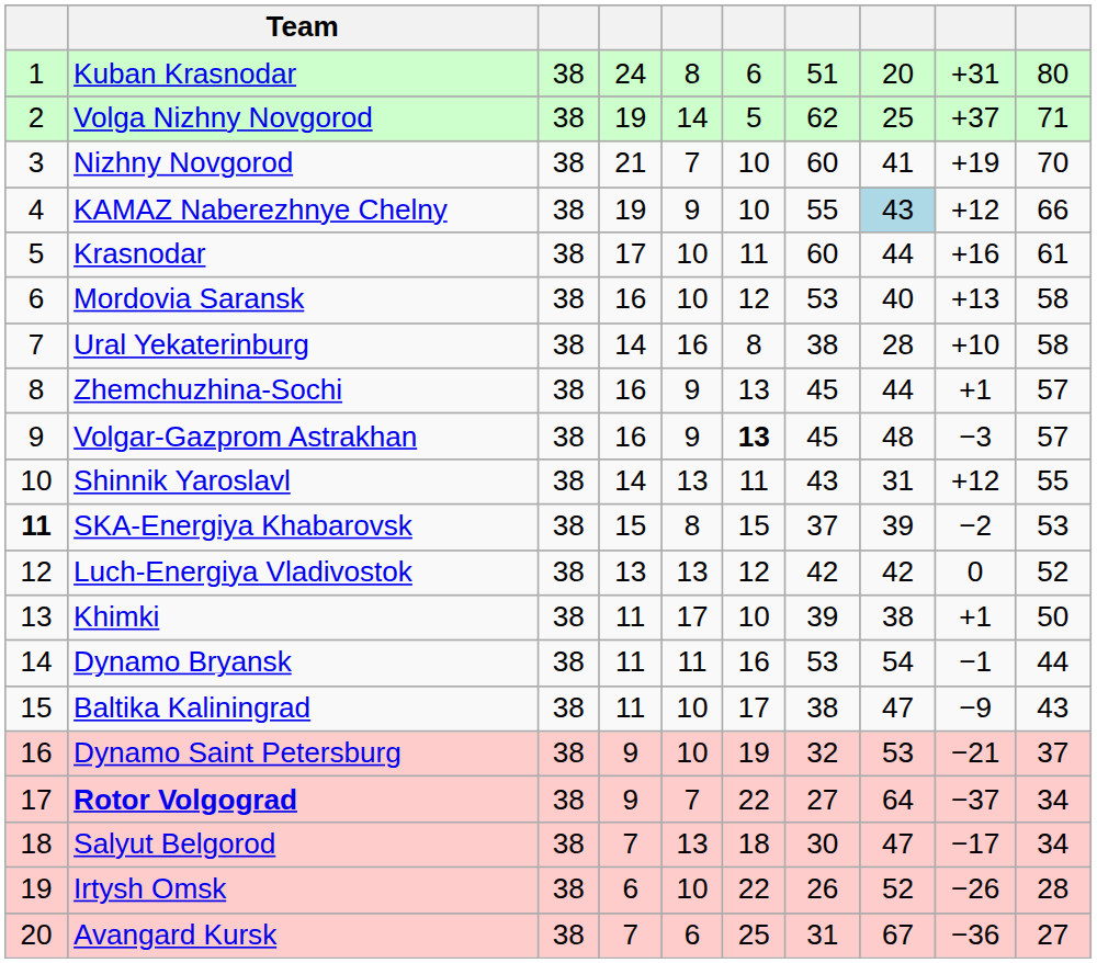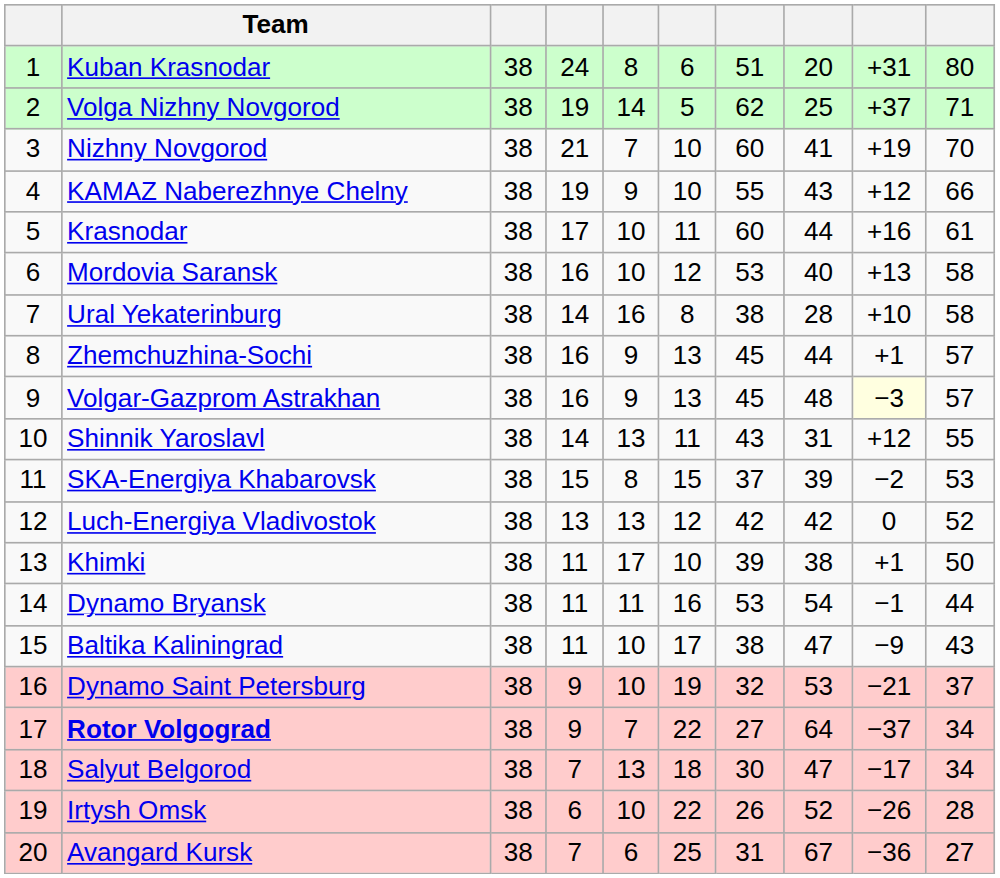 <table class="wikitable" style="text-align:center">
 <tr>
 <th width=30></th>
 <th width=300>Team</th>
 <th width=30></th>
 <th width=30></th>
 <th width=30></th>
 <th width=30></th>
 <th width=40></th>
 <th width=40></th>
 <th width=40></th>
 <th width=40></th>
 </tr>
 <tr bgcolor=CCFFCC>
 <td>1</td>
 <td align=left><a href='#'>Kuban Krasnodar</a></td>
 <td>38</td>
 <td>24</td>
 <td>8</td>
 <td>6</td>
 <td>51</td>
 <td>20</td>
 <td>+31</td>
 <td>80</td>
 </tr>
 <tr bgcolor=CCFFCC>
 <td>2</td>
 <td align=left><a href='#'>Volga Nizhny Novgorod</a></td>
 <td>38</td>
 <td>19</td>
 <td>14</td>
 <td>5</td>
 <td>62</td>
 <td>25</td>
 <td>+37</td>
 <td>71</td>
 </tr>
 <tr>
 <td>3</td>
 <td align=left><a href='#'>Nizhny Novgorod</a></td>
 <td>38</td>
 <td>21</td>
 <td>7</td>
 <td>10</td>
 <td>60</td>
 <td>41</td>
 <td>+19</td>
 <td>70</td>
 </tr>
 <tr>
 <td>4</td>
 <td align=left><a href='#'>KAMAZ Naberezhnye Chelny</a></td>
 <td>38</td>
 <td>19</td>
 <td>9</td>
 <td>10</td>
 <td>55</td>
-<td style="background: lightblue;">43</td>
+<td>43</td>
 <td>+12</td>
 <td>66</td>
 </tr>
 <tr>
 <td>5</td>
 <td align=left><a href='#'>Krasnodar</a></td>
 <td>38</td>
 <td>17</td>
 <td>10</td>
 <td>11</td>
 <td>60</td>
 <td>44</td>
 <td>+16</td>
 <td>61</td>
 </tr>
 <tr>
 <td>6</td>
 <td align=left><a href='#'>Mordovia Saransk</a></td>
 <td>38</td>
 <td>16</td>
 <td>10</td>
 <td>12</td>
 <td>53</td>
 <td>40</td>
 <td>+13</td>
 <td>58</td>
 </tr>
 <tr>
 <td>7</td>
 <td align=left><a href='#'>Ural Yekaterinburg</a></td>
 <td>38</td>
 <td>14</td>
 <td>16</td>
 <td>8</td>
 <td>38</td>
 <td>28</td>
 <td>+10</td>
 <td>58</td>
 </tr>
 <tr>
 <td>8</td>
 <td align=left><a href='#'>Zhemchuzhina-Sochi</a></td>
 <td>38</td>
 <td>16</td>
 <td>9</td>
 <td>13</td>
 <td>45</td>
 <td>44</td>
 <td>+1</td>
 <td>57</td>
 </tr>
 <tr>
 <td>9</td>
 <td align=left><a href='#'>Volgar-Gazprom Astrakhan</a></td>
 <td>38</td>
 <td>16</td>
 <td>9</td>
-<td><strong>13</strong></td>
+<td>13</td>
 <td>45</td>
 <td>48</td>
-<td>−3</td>
+<td style="background: lightyellow;">−3</td>
 <td>57</td>
 </tr>
 <tr>
 <td>10</td>
 <td align=left><a href='#'>Shinnik Yaroslavl</a></td>
 <td>38</td>
 <td>14</td>
 <td>13</td>
 <td>11</td>
 <td>43</td>
 <td>31</td>
 <td>+12</td>
 <td>55</td>
 </tr>
 <tr>
-<td><strong>11</strong></td>
+<td>11</td>
 <td align=left><a href='#'>SKA-Energiya Khabarovsk</a></td>
 <td>38</td>
 <td>15</td>
 <td>8</td>
 <td>15</td>
 <td>37</td>
 <td>39</td>
 <td>−2</td>
 <td>53</td>
 </tr>
 <tr>
 <td>12</td>
 <td align=left><a href='#'>Luch-Energiya Vladivostok</a></td>
 <td>38</td>
 <td>13</td>
 <td>13</td>
 <td>12</td>
 <td>42</td>
 <td>42</td>
 <td>0</td>
 <td>52</td>
 </tr>
 <tr>
 <td>13</td>
 <td align=left><a href='#'>Khimki</a></td>
 <td>38</td>
 <td>11</td>
 <td>17</td>
 <td>10</td>
 <td>39</td>
 <td>38</td>
 <td>+1</td>
 <td>50</td>
 </tr>
 <tr>
 <td>14</td>
 <td align=left><a href='#'>Dynamo Bryansk</a></td>
 <td>38</td>
 <td>11</td>
 <td>11</td>
 <td>16</td>
 <td>53</td>
 <td>54</td>
 <td>−1</td>
 <td>44</td>
 </tr>
 <tr>
 <td>15</td>
 <td align=left><a href='#'>Baltika Kaliningrad</a></td>
 <td>38</td>
 <td>11</td>
 <td>10</td>
 <td>17</td>
 <td>38</td>
 <td>47</td>
 <td>−9</td>
 <td>43</td>
 </tr>
 <tr bgcolor=FFCCCC>
 <td>16</td>
 <td align=left><a href='#'>Dynamo Saint Petersburg</a></td>
 <td>38</td>
 <td>9</td>
 <td>10</td>
 <td>19</td>
 <td>32</td>
 <td>53</td>
 <td>−21</td>
 <td>37</td>
 </tr>
 <tr bgcolor=FFCCCC>
 <td>17</td>
 <td align=left><strong><a href='#'>Rotor Volgograd</a></strong></td>
 <td>38</td>
 <td>9</td>
 <td>7</td>
 <td>22</td>
 <td>27</td>
 <td>64</td>
 <td>−37</td>
 <td>34</td>
 </tr>
 <tr bgcolor=FFCCCC>
 <td>18</td>
 <td align=left><a href='#'>Salyut Belgorod</a></td>
 <td>38</td>
 <td>7</td>
 <td>13</td>
 <td>18</td>
 <td>30</td>
 <td>47</td>
 <td>−17</td>
 <td>34</td>
 </tr>
 <tr bgcolor=FFCCCC>
 <td>19</td>
 <td align=left><a href='#'>Irtysh Omsk</a></td>
 <td>38</td>
 <td>6</td>
 <td>10</td>
 <td>22</td>
 <td>26</td>
 <td>52</td>
 <td>−26</td>
 <td>28</td>
 </tr>
 <tr bgcolor=FFCCCC>
 <td>20</td>
 <td align=left><a href='#'>Avangard Kursk</a></td>
 <td>38</td>
 <td>7</td>
 <td>6</td>
 <td>25</td>
 <td>31</td>
 <td>67</td>
 <td>−36</td>
 <td>27</td>
 </tr>
 </table>
